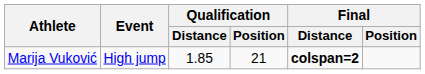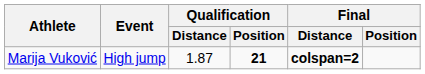 <table class=wikitable style="font-size:90%">
 <tr>
 <th rowspan="2">Athlete</th>
 <th rowspan="2">Event</th>
 <th colspan="2">Qualification</th>
 <th colspan="2">Final</th>
 </tr>
 <tr style="font-size:95%">
 <th>Distance</th>
 <th>Position</th>
 <th>Distance</th>
 <th>Position</th>
 </tr>
 <tr style=text-align:center>
 <td style=text-align:left><a href='#'>Marija Vuković</a></td>
 <td style=text-align:left><a href='#'>High jump</a></td>
-<td>1.85</td>
-<td>21</td>
+<td>1.87</td>
+<td><strong>21</strong></td>
 <td><strong>colspan=2 </strong></td>
 </tr>
 </table>
